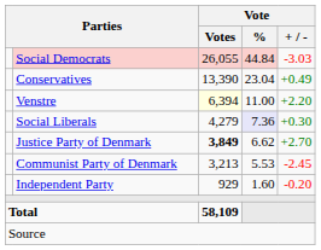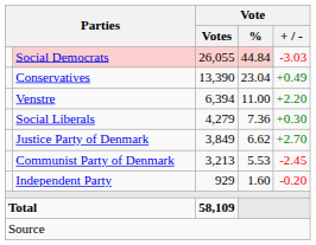 <table class="wikitable" style="text-align:right;">
 <tr>
 <th style="text-align:centre;" rowspan="2" colspan="2" width="225">Parties</th>
 <th colspan="3">Vote</th>
 </tr>
 <tr>
 <th width="15">Votes</th>
 <th width="15">%</th>
 <th width="15">+ / -</th>
 </tr>
 <tr>
 <td width="2" style="color:inherit;background:"></td>
 <td bgcolor=#fbd0ce  align="left"><a href='#'>Social Democrats</a></td>
 <td bgcolor=#fbd0ce>26,055</td>
 <td bgcolor=#fbd0ce>44.84</td>
 <td style=color:red;>-3.03</td>
 </tr>
 <tr>
 <td width="2" style="color:inherit;background:"></td>
 <td align="left"><a href='#'>Conservatives</a></td>
 <td>13,390</td>
 <td>23.04</td>
 <td style=color:green;>+0.49</td>
 </tr>
 <tr>
 <td width="2" style="color:inherit;background:"></td>
 <td align="left"><a href='#'>Venstre</a></td>
-<td style="background: lightyellow;">6,394</td>
+<td>6,394</td>
 <td>11.00</td>
 <td style=color:green;>+2.20</td>
 </tr>
 <tr>
 <td width="2" style="color:inherit;background:"></td>
 <td align="left"><a href='#'>Social Liberals</a></td>
 <td>4,279</td>
-<td style="background: lavender;">7.36</td>
+<td>7.36</td>
 <td style=color:green;>+0.30</td>
 </tr>
 <tr>
 <td width="2" style="color:inherit;background:"></td>
 <td align="left"><a href='#'>Justice Party of Denmark</a></td>
-<td><strong>3,849</strong></td>
+<td>3,849</td>
 <td>6.62</td>
 <td style=color:green;>+2.70</td>
 </tr>
 <tr>
 <td width="2" style="color:inherit;background:"></td>
 <td align="left"><a href='#'>Communist Party of Denmark</a></td>
 <td>3,213</td>
 <td>5.53</td>
 <td style=color:red;>-2.45</td>
 </tr>
 <tr>
 <td width="2" style="color:inherit;background:"></td>
 <td align="left"><a href='#'>Independent Party</a></td>
 <td>929</td>
 <td>1.60</td>
 <td style=color:red;>-0.20</td>
 </tr>
 <tr>
 <td colspan="7" bgcolor="#E9E9E9"></td>
 </tr>
 <tr>
 <td align="left" colspan="2"><strong>Total</strong></td>
 <td><strong>58,109</strong></td>
 <td bgcolor="#E9E9E9" colspan="2"></td>
 </tr>
 <tr>
 <td align="left" colspan="6">Source</td>
 </tr>
 </table>
